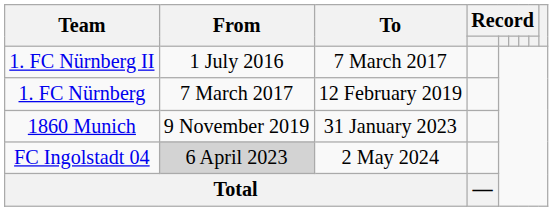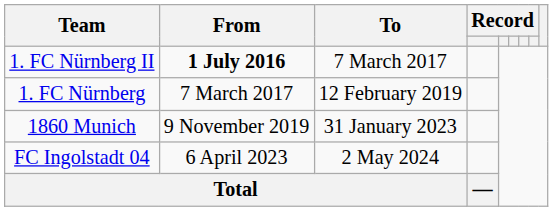 <table class="wikitable" style="text-align: center">
 <tr>
 <th rowspan="2">Team</th>
 <th rowspan="2">From</th>
 <th rowspan="2">To</th>
 <th colspan="5">Record</th>
 <th rowspan="2"></th>
 </tr>
 <tr>
 <th></th>
 <th></th>
 <th></th>
 <th></th>
 <th></th>
 </tr>
 <tr>
 <td><a href='#'>1. FC Nürnberg II</a></td>
-<td>1 July 2016</td>
+<td><strong>1 July 2016</strong></td>
 <td>7 March 2017<br></td>
 <td></td>
 </tr>
 <tr>
 <td><a href='#'>1. FC Nürnberg</a></td>
 <td>7 March 2017</td>
 <td>12 February 2019<br></td>
 <td></td>
 </tr>
 <tr>
 <td><a href='#'>1860 Munich</a></td>
 <td>9 November 2019</td>
 <td>31 January 2023<br></td>
 <td></td>
 </tr>
 <tr>
 <td><a href='#'>FC Ingolstadt 04</a></td>
-<td style="background: lightgrey;">6 April 2023</td>
+<td>6 April 2023</td>
 <td>2 May 2024<br></td>
 <td></td>
 </tr>
 <tr>
 <th colspan="3">Total<br></th>
 <th>—</th>
 </tr>
 </table>
